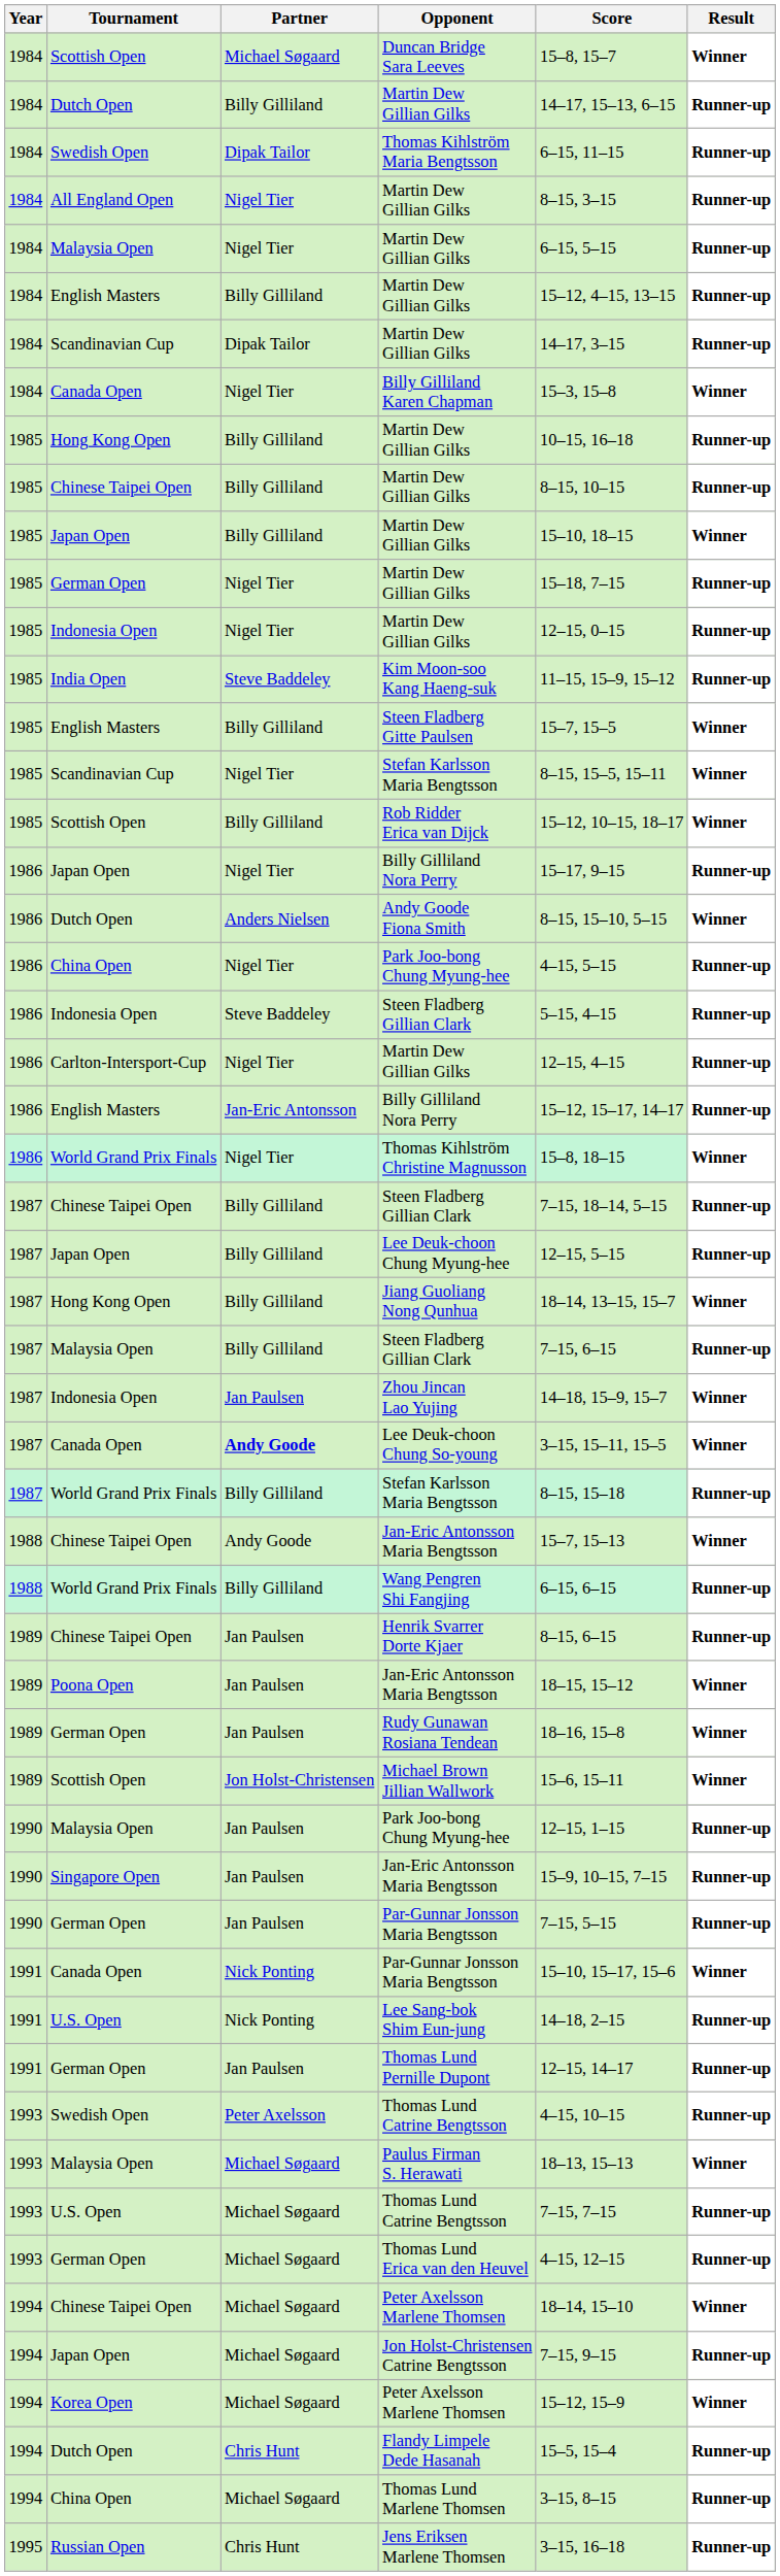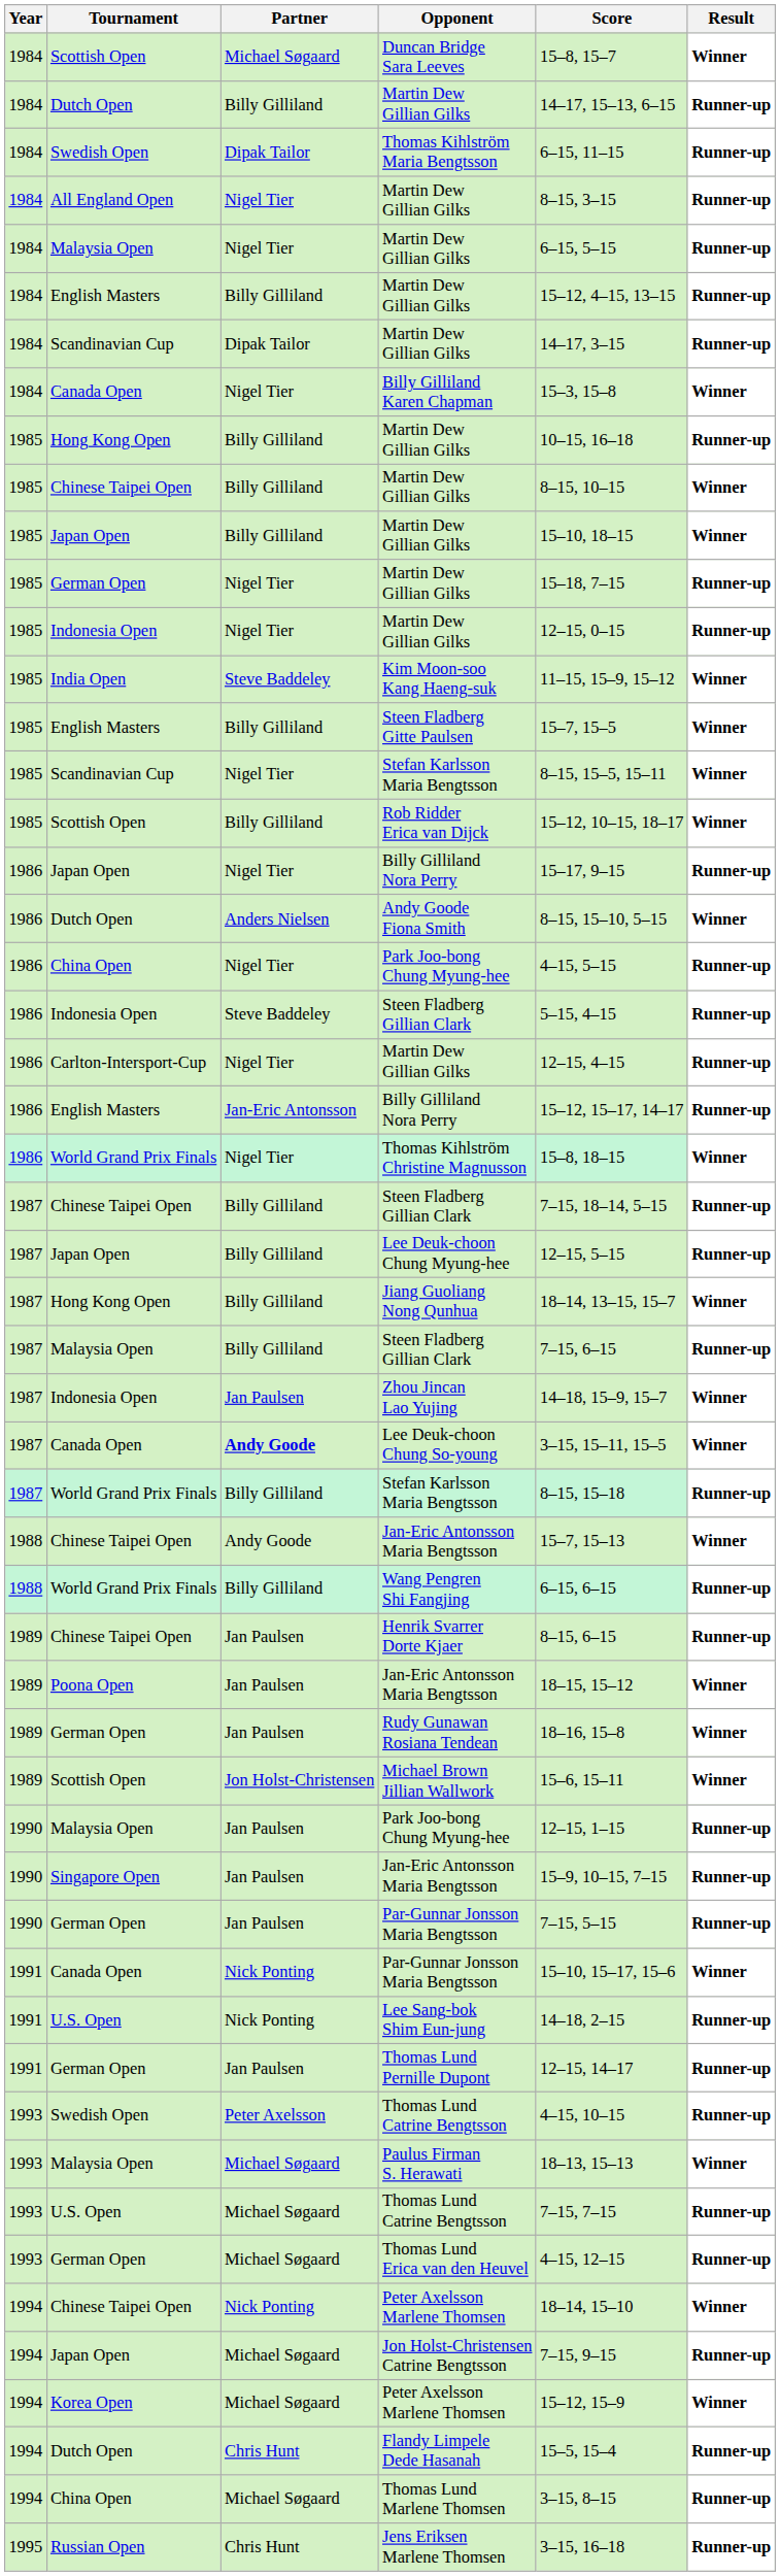 <table class="sortable wikitable" style="font-size: 90%;">
 <tr>
 <th>Year</th>
 <th>Tournament</th>
 <th>Partner</th>
 <th>Opponent</th>
 <th>Score</th>
 <th>Result</th>
 </tr>
 <tr style="background:#D4F1C5">
 <td align="center">1984</td>
 <td align="left"><a href='#'>Scottish Open</a></td>
 <td align="left"> <a href='#'>Michael Søgaard</a></td>
 <td align="left"> <a href='#'>Duncan Bridge</a> <br>  <a href='#'>Sara Leeves</a></td>
 <td align="left">15–8, 15–7</td>
 <td style="text-align:left; background:white"> <strong>Winner</strong></td>
 </tr>
 <tr style="background:#D4F1C5">
 <td align="center">1984</td>
 <td align="left"><a href='#'>Dutch Open</a></td>
 <td align="left"> Billy Gilliland</td>
 <td align="left"> <a href='#'>Martin Dew</a> <br>  <a href='#'>Gillian Gilks</a></td>
 <td align="left">14–17, 15–13, 6–15</td>
 <td style="text-align:left; background:white"> <strong>Runner-up</strong></td>
 </tr>
 <tr style="background:#D4F1C5">
 <td align="center">1984</td>
 <td align="left"><a href='#'>Swedish Open</a></td>
 <td align="left"> <a href='#'>Dipak Tailor</a></td>
 <td align="left"> <a href='#'>Thomas Kihlström</a> <br>  <a href='#'>Maria Bengtsson</a></td>
 <td align="left">6–15, 11–15</td>
 <td style="text-align:left; background:white"> <strong>Runner-up</strong></td>
 </tr>
 <tr style="background:#D4F1C5">
 <td align="center"><a href='#'>1984</a></td>
 <td align="left"><a href='#'>All England Open</a></td>
 <td align="left"> <a href='#'>Nigel Tier</a></td>
 <td align="left"> Martin Dew <br>  Gillian Gilks</td>
 <td align="left">8–15, 3–15</td>
 <td style="text-align:left; background:white"> <strong>Runner-up</strong></td>
 </tr>
 <tr style="background:#D4F1C5">
 <td align="center">1984</td>
 <td align="left"><a href='#'>Malaysia Open</a></td>
 <td align="left"> Nigel Tier</td>
 <td align="left"> Martin Dew <br>  Gillian Gilks</td>
 <td align="left">6–15, 5–15</td>
 <td style="text-align:left; background:white"> <strong>Runner-up</strong></td>
 </tr>
 <tr style="background:#D4F1C5">
 <td align="center">1984</td>
 <td align="left">English Masters</td>
 <td align="left"> Billy Gilliland</td>
 <td align="left"> Martin Dew <br>  Gillian Gilks</td>
 <td align="left">15–12, 4–15, 13–15</td>
 <td style="text-align:left; background:white"> <strong>Runner-up</strong></td>
 </tr>
 <tr style="background:#D4F1C5">
 <td align="center">1984</td>
 <td align="left">Scandinavian Cup</td>
 <td align="left"> Dipak Tailor</td>
 <td align="left"> Martin Dew <br>  Gillian Gilks</td>
 <td align="left">14–17, 3–15</td>
 <td style="text-align:left; background:white"> <strong>Runner-up</strong></td>
 </tr>
 <tr style="background:#D4F1C5">
 <td align="center">1984</td>
 <td align="left"><a href='#'>Canada Open</a></td>
 <td align="left"> Nigel Tier</td>
 <td align="left"> <a href='#'>Billy Gilliland</a> <br>  <a href='#'>Karen Chapman</a></td>
 <td align="left">15–3, 15–8</td>
 <td style="text-align:left; background:white"> <strong>Winner</strong></td>
 </tr>
 <tr style="background:#D4F1C5">
 <td align="center">1985</td>
 <td align="left"><a href='#'>Hong Kong Open</a></td>
 <td align="left"> Billy Gilliland</td>
 <td align="left"> Martin Dew <br>  Gillian Gilks</td>
 <td align="left">10–15, 16–18</td>
 <td style="text-align:left; background:white"> <strong>Runner-up</strong></td>
 </tr>
 <tr style="background:#D4F1C5">
 <td align="center">1985</td>
 <td align="left"><a href='#'>Chinese Taipei Open</a></td>
 <td align="left"> Billy Gilliland</td>
 <td align="left"> Martin Dew <br>  Gillian Gilks</td>
 <td align="left">8–15, 10–15</td>
-<td style="text-align:left; background:white"> <strong>Runner-up</strong></td>
+<td style="text-align:left; background:white"> <strong>Winner</strong></td>
 </tr>
 <tr style="background:#D4F1C5">
 <td align="center">1985</td>
 <td align="left"><a href='#'>Japan Open</a></td>
 <td align="left"> Billy Gilliland</td>
 <td align="left"> Martin Dew <br>  Gillian Gilks</td>
 <td align="left">15–10, 18–15</td>
 <td style="text-align:left; background:white"> <strong>Winner</strong></td>
 </tr>
 <tr style="background:#D4F1C5">
 <td align="center">1985</td>
 <td align="left"><a href='#'>German Open</a></td>
 <td align="left"> Nigel Tier</td>
 <td align="left"> Martin Dew <br>  Gillian Gilks</td>
 <td align="left">15–18, 7–15</td>
 <td style="text-align:left; background:white"> <strong>Runner-up</strong></td>
 </tr>
 <tr style="background:#D4F1C5">
 <td align="center">1985</td>
 <td align="left"><a href='#'>Indonesia Open</a></td>
 <td align="left"> Nigel Tier</td>
 <td align="left"> Martin Dew <br>  Gillian Gilks</td>
 <td align="left">12–15, 0–15</td>
 <td style="text-align:left; background:white"> <strong>Runner-up</strong></td>
 </tr>
 <tr style="background:#D4F1C5">
 <td align="center">1985</td>
 <td align="left"><a href='#'>India Open</a></td>
 <td align="left"> <a href='#'>Steve Baddeley</a></td>
 <td align="left"> <a href='#'>Kim Moon-soo</a> <br>  <a href='#'>Kang Haeng-suk</a></td>
 <td align="left">11–15, 15–9, 15–12</td>
-<td style="text-align:left; background:white"> <strong>Runner-up</strong></td>
+<td style="text-align:left; background:white"> <strong>Winner</strong></td>
 </tr>
 <tr style="background:#D4F1C5">
 <td align="center">1985</td>
 <td align="left">English Masters</td>
 <td align="left"> Billy Gilliland</td>
 <td align="left"> <a href='#'>Steen Fladberg</a> <br>  <a href='#'>Gitte Paulsen</a></td>
 <td align="left">15–7, 15–5</td>
 <td style="text-align:left; background:white"> <strong>Winner</strong></td>
 </tr>
 <tr style="background:#D4F1C5">
 <td align="center">1985</td>
 <td align="left">Scandinavian Cup</td>
 <td align="left"> Nigel Tier</td>
 <td align="left"> <a href='#'>Stefan Karlsson</a> <br>  Maria Bengtsson</td>
 <td align="left">8–15, 15–5, 15–11</td>
 <td style="text-align:left; background:white"> <strong>Winner</strong></td>
 </tr>
 <tr style="background:#D4F1C5">
 <td align="center">1985</td>
 <td align="left">Scottish Open</td>
 <td align="left"> Billy Gilliland</td>
 <td align="left"> <a href='#'>Rob Ridder</a> <br>  <a href='#'>Erica van Dijck</a></td>
 <td align="left">15–12, 10–15, 18–17</td>
 <td style="text-align:left; background:white"> <strong>Winner</strong></td>
 </tr>
 <tr style="background:#D4F1C5">
 <td align="center">1986</td>
 <td align="left">Japan Open</td>
 <td align="left"> Nigel Tier</td>
 <td align="left"> Billy Gilliland <br>  <a href='#'>Nora Perry</a></td>
 <td align="left">15–17, 9–15</td>
 <td style="text-align:left; background:white"> <strong>Runner-up</strong></td>
 </tr>
 <tr style="background:#D4F1C5">
 <td align="center">1986</td>
 <td align="left">Dutch Open</td>
 <td align="left"> <a href='#'>Anders Nielsen</a></td>
 <td align="left"> <a href='#'>Andy Goode</a> <br>  <a href='#'>Fiona Smith</a></td>
 <td align="left">8–15, 15–10, 5–15</td>
 <td style="text-align:left; background:white"> <strong>Winner</strong></td>
 </tr>
 <tr style="background:#D4F1C5">
 <td align="center">1986</td>
 <td align="left"><a href='#'>China Open</a></td>
 <td align="left"> Nigel Tier</td>
 <td align="left"> <a href='#'>Park Joo-bong</a> <br>  <a href='#'>Chung Myung-hee</a></td>
 <td align="left">4–15, 5–15</td>
 <td style="text-align:left; background:white"> <strong>Runner-up</strong></td>
 </tr>
 <tr style="background:#D4F1C5">
 <td align="center">1986</td>
 <td align="left">Indonesia Open</td>
 <td align="left"> Steve Baddeley</td>
 <td align="left"> Steen Fladberg <br>  <a href='#'>Gillian Clark</a></td>
 <td align="left">5–15, 4–15</td>
 <td style="text-align:left; background:white"> <strong>Runner-up</strong></td>
 </tr>
 <tr style="background:#D4F1C5">
 <td align="center">1986</td>
 <td align="left">Carlton-Intersport-Cup</td>
 <td align="left"> Nigel Tier</td>
 <td align="left"> Martin Dew <br>  Gillian Gilks</td>
 <td align="left">12–15, 4–15</td>
 <td style="text-align:left; background:white"> <strong>Runner-up</strong></td>
 </tr>
 <tr style="background:#D4F1C5">
 <td align="center">1986</td>
 <td align="left">English Masters</td>
 <td align="left"> <a href='#'>Jan-Eric Antonsson</a></td>
 <td align="left"> Billy Gilliland <br>  Nora Perry</td>
 <td align="left">15–12, 15–17, 14–17</td>
 <td style="text-align:left; background:white"> <strong>Runner-up</strong></td>
 </tr>
 <tr style="background:#C3F6D7">
 <td align="center"><a href='#'>1986</a></td>
 <td align="left"><a href='#'>World Grand Prix Finals</a></td>
 <td align="left"> Nigel Tier</td>
 <td align="left"> Thomas Kihlström <br>  <a href='#'>Christine Magnusson</a></td>
 <td align="left">15–8, 18–15</td>
 <td style="text-align:left; background: white"> <strong>Winner</strong></td>
 </tr>
 <tr style="background:#D4F1C5">
 <td align="center">1987</td>
 <td align="left">Chinese Taipei Open</td>
 <td align="left"> Billy Gilliland</td>
 <td align="left"> Steen Fladberg <br>  Gillian Clark</td>
 <td align="left">7–15, 18–14, 5–15</td>
 <td style="text-align:left; background:white"> <strong>Runner-up</strong></td>
 </tr>
 <tr style="background:#D4F1C5">
 <td align="center">1987</td>
 <td align="left">Japan Open</td>
 <td align="left"> Billy Gilliland</td>
 <td align="left"> <a href='#'>Lee Deuk-choon</a> <br>  Chung Myung-hee</td>
 <td align="left">12–15, 5–15</td>
 <td style="text-align:left; background:white"> <strong>Runner-up</strong></td>
 </tr>
 <tr style="background:#D4F1C5">
 <td align="center">1987</td>
 <td align="left">Hong Kong Open</td>
 <td align="left"> Billy Gilliland</td>
 <td align="left"> <a href='#'>Jiang Guoliang</a> <br>  <a href='#'>Nong Qunhua</a></td>
 <td align="left">18–14, 13–15, 15–7</td>
 <td style="text-align:left; background:white"> <strong>Winner</strong></td>
 </tr>
 <tr style="background:#D4F1C5">
 <td align="center">1987</td>
 <td align="left">Malaysia Open</td>
 <td align="left"> Billy Gilliland</td>
 <td align="left"> Steen Fladberg <br>  Gillian Clark</td>
 <td align="left">7–15, 6–15</td>
 <td style="text-align:left; background:white"> <strong>Runner-up</strong></td>
 </tr>
 <tr style="background:#D4F1C5">
 <td align="center">1987</td>
 <td align="left">Indonesia Open</td>
 <td align="left"> <a href='#'>Jan Paulsen</a></td>
 <td align="left"> <a href='#'>Zhou Jincan</a><br> <a href='#'>Lao Yujing</a></td>
 <td align="left">14–18, 15–9, 15–7</td>
 <td style="text-align:left; background:white"> <strong>Winner</strong></td>
 </tr>
 <tr style="background:#D4F1C5">
 <td align="center">1987</td>
 <td align="left">Canada Open</td>
 <td align="left"><strong> <a href='#'>Andy Goode</a></strong></td>
 <td align="left"> Lee Deuk-choon<br> <a href='#'>Chung So-young</a></td>
 <td align="left">3–15, 15–11, 15–5</td>
 <td style="text-align:left; background:white"> <strong>Winner</strong></td>
 </tr>
 <tr style="background:#C3F6D7">
 <td align="center"><a href='#'>1987</a></td>
 <td align="left">World Grand Prix Finals</td>
 <td align="left"> Billy Gilliland</td>
 <td align="left"> Stefan Karlsson <br>  Maria Bengtsson</td>
 <td align="left">8–15, 15–18</td>
 <td style="text-align:left; background: white"> <strong>Runner-up</strong></td>
 </tr>
 <tr style="background:#D4F1C5">
 <td align="center">1988</td>
 <td align="left">Chinese Taipei Open</td>
 <td align="left"> Andy Goode</td>
 <td align="left"> <a href='#'>Jan-Eric Antonsson</a><br> Maria Bengtsson</td>
 <td align="left">15–7, 15–13</td>
 <td style="text-align:left; background:white"> <strong>Winner</strong></td>
 </tr>
 <tr style="background:#C3F6D7">
 <td align="center"><a href='#'>1988</a></td>
 <td align="left">World Grand Prix Finals</td>
 <td align="left"> Billy Gilliland</td>
 <td align="left"> <a href='#'>Wang Pengren</a><br> <a href='#'>Shi Fangjing</a></td>
 <td align="left">6–15, 6–15</td>
 <td style="text-align:left; background:white"> <strong>Runner-up</strong></td>
 </tr>
 <tr style="background:#D4F1C5">
 <td align="center">1989</td>
 <td align="left">Chinese Taipei Open</td>
 <td align="left"> Jan Paulsen</td>
 <td align="left"> <a href='#'>Henrik Svarrer</a><br> <a href='#'>Dorte Kjaer</a></td>
 <td align="left">8–15, 6–15</td>
 <td style="text-align:left; background:white"> <strong>Runner-up</strong></td>
 </tr>
 <tr style="background:#D4F1C5">
 <td align="center">1989</td>
 <td align="left"><a href='#'>Poona Open</a></td>
 <td align="left"> Jan Paulsen</td>
 <td align="left"> Jan-Eric Antonsson<br> Maria Bengtsson</td>
 <td align="left">18–15, 15–12</td>
 <td style="text-align:left; background:white"> <strong>Winner</strong></td>
 </tr>
 <tr style="background:#D4F1C5">
 <td align="center">1989</td>
 <td align="left">German Open</td>
 <td align="left"> Jan Paulsen</td>
 <td align="left"> <a href='#'>Rudy Gunawan</a> <br>  <a href='#'>Rosiana Tendean</a></td>
 <td align="left">18–16, 15–8</td>
 <td style="text-align:left; background:white"> <strong>Winner</strong></td>
 </tr>
 <tr style="background:#D4F1C5">
 <td align="center">1989</td>
 <td align="left">Scottish Open</td>
 <td align="left"> <a href='#'>Jon Holst-Christensen</a></td>
 <td align="left"> <a href='#'>Michael Brown</a> <br>  <a href='#'>Jillian Wallwork</a></td>
 <td align="left">15–6, 15–11</td>
 <td style="text-align:left; background:white"> <strong>Winner</strong></td>
 </tr>
 <tr style="background:#D4F1C5">
 <td align="center">1990</td>
 <td align="left">Malaysia Open</td>
 <td align="left"> Jan Paulsen</td>
 <td align="left"> Park Joo-bong<br> Chung Myung-hee</td>
 <td align="left">12–15, 1–15</td>
 <td style="text-align:left; background:white"> <strong>Runner-up</strong></td>
 </tr>
 <tr style="background:#D4F1C5">
 <td align="center">1990</td>
 <td align="left"><a href='#'>Singapore Open</a></td>
 <td align="left"> Jan Paulsen</td>
 <td align="left"> Jan-Eric Antonsson<br> Maria Bengtsson</td>
 <td align="left">15–9, 10–15, 7–15</td>
 <td style="text-align:left; background:white"> <strong>Runner-up</strong></td>
 </tr>
 <tr style="background:#D4F1C5">
 <td align="center">1990</td>
 <td align="left">German Open</td>
 <td align="left"> Jan Paulsen</td>
 <td align="left"> <a href='#'>Par-Gunnar Jonsson</a><br> Maria Bengtsson</td>
 <td align="left">7–15, 5–15</td>
 <td style="text-align:left; background:white"> <strong>Runner-up</strong></td>
 </tr>
 <tr style="background:#D4F1C5">
 <td align="center">1991</td>
 <td align="left">Canada Open</td>
 <td align="left"> <a href='#'>Nick Ponting</a></td>
 <td align="left"> Par-Gunnar Jonsson<br> Maria Bengtsson</td>
 <td align="left">15–10, 15–17, 15–6</td>
 <td style="text-align:left; background:white"> <strong>Winner</strong></td>
 </tr>
 <tr style="background:#D4F1C5">
 <td align="center">1991</td>
 <td align="left"><a href='#'>U.S. Open</a></td>
 <td align="left"> Nick Ponting</td>
 <td align="left"> <a href='#'>Lee Sang-bok</a> <br> <a href='#'>Shim Eun-jung</a></td>
 <td align="left">14–18, 2–15</td>
 <td style="text-align:left; background:white"> <strong>Runner-up</strong></td>
 </tr>
 <tr style="background:#D4F1C5">
 <td align="center">1991</td>
 <td align="left">German Open</td>
 <td align="left"> Jan Paulsen</td>
 <td align="left"> <a href='#'>Thomas Lund</a><br> <a href='#'>Pernille Dupont</a></td>
 <td align="left">12–15, 14–17</td>
 <td style="text-align:left; background:white"> <strong>Runner-up</strong></td>
 </tr>
 <tr style="background:#D4F1C5">
 <td align="center">1993</td>
 <td align="left">Swedish Open</td>
 <td align="left"> <a href='#'>Peter Axelsson</a></td>
 <td align="left"> Thomas Lund <br>  <a href='#'>Catrine Bengtsson</a></td>
 <td align="left">4–15, 10–15</td>
 <td style="text-align:left; background:white"> <strong>Runner-up</strong></td>
 </tr>
 <tr style="background:#D4F1C5">
 <td align="center">1993</td>
 <td align="left">Malaysia Open</td>
 <td align="left"> <a href='#'>Michael Søgaard</a></td>
 <td align="left"> <a href='#'>Paulus Firman</a><br> <a href='#'>S. Herawati</a></td>
 <td align="left">18–13, 15–13</td>
 <td style="text-align:left; background:white"> <strong>Winner</strong></td>
 </tr>
 <tr style="background:#D4F1C5">
 <td align="center">1993</td>
 <td align="left">U.S. Open</td>
 <td align="left"> Michael Søgaard</td>
 <td align="left"> Thomas Lund <br> Catrine Bengtsson</td>
 <td align="left">7–15, 7–15</td>
 <td style="text-align:left; background:white"> <strong>Runner-up</strong></td>
 </tr>
 <tr style="background:#D4F1C5">
 <td align="center">1993</td>
 <td align="left">German Open</td>
 <td align="left"> Michael Søgaard</td>
 <td align="left"> Thomas Lund<br> <a href='#'>Erica van den Heuvel</a></td>
 <td align="left">4–15, 12–15</td>
 <td style="text-align:left; background:white"> <strong>Runner-up</strong></td>
 </tr>
 <tr style="background:#D4F1C5">
 <td align="center">1994</td>
 <td align="left">Chinese Taipei Open</td>
-<td align="left"> Michael Søgaard</td>
+<td align="left"> <a href='#'>Nick Ponting</a></td>
 <td align="left"> <a href='#'>Peter Axelsson</a><br> <a href='#'>Marlene Thomsen</a></td>
 <td align="left">18–14, 15–10</td>
 <td style="text-align:left; background:white"> <strong>Winner</strong></td>
 </tr>
 <tr style="background:#D4F1C5">
 <td align="center">1994</td>
 <td align="left">Japan Open</td>
 <td align="left"> Michael Søgaard</td>
 <td align="left"> <a href='#'>Jon Holst-Christensen</a><br> Catrine Bengtsson</td>
 <td align="left">7–15, 9–15</td>
 <td style="text-align:left; background:white"> <strong>Runner-up</strong></td>
 </tr>
 <tr style="background:#D4F1C5">
 <td align="center">1994</td>
 <td align="left"><a href='#'>Korea Open</a></td>
 <td align="left"> Michael Søgaard</td>
 <td align="left"> Peter Axelsson<br> Marlene Thomsen</td>
 <td align="left">15–12, 15–9</td>
 <td style="text-align:left; background:white"> <strong>Winner</strong></td>
 </tr>
 <tr style="background:#D4F1C5">
 <td align="center">1994</td>
 <td align="left">Dutch Open</td>
 <td align="left"> <a href='#'>Chris Hunt</a></td>
 <td align="left"> <a href='#'>Flandy Limpele</a><br> <a href='#'>Dede Hasanah</a></td>
 <td align="left">15–5, 15–4</td>
 <td style="text-align:left; background:white"> <strong>Runner-up</strong></td>
 </tr>
 <tr style="background:#D4F1C5">
 <td align="center">1994</td>
 <td align="left">China Open</td>
 <td align="left"> Michael Søgaard</td>
 <td align="left"> Thomas Lund<br> Marlene Thomsen</td>
 <td align="left">3–15, 8–15</td>
 <td style="text-align:left; background:white"> <strong>Runner-up</strong></td>
 </tr>
 <tr style="background:#D4F1C5">
 <td align="center">1995</td>
 <td align="left"><a href='#'>Russian Open</a></td>
 <td align="left"> Chris Hunt</td>
 <td align="left"> <a href='#'>Jens Eriksen</a><br> Marlene Thomsen</td>
 <td align="left">3–15, 16–18</td>
 <td style="text-align:left; background:white"> <strong>Runner-up</strong></td>
 </tr>
 </table>
